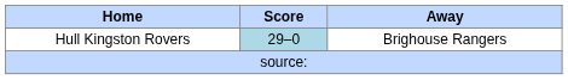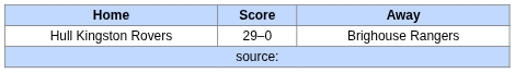 <table border=1 style="border-collapse:collapse; font-size:90%; text-align:center;" cellpadding=3 cellspacing=0 width=44%>
 <tr bgcolor=#C1D8FF>
 <th width=19%>Home</th>
 <th width=6%>Score</th>
 <th width=19%>Away</th>
 </tr>
 <tr>
 <td>Hull Kingston Rovers</td>
-<td style="background: lightblue;">29–0</td>
+<td>29–0</td>
 <td>Brighouse Rangers</td>
 </tr>
 <tr bgcolor=#C1D8FF>
 <td colspan=3>source:</td>
 </tr>
 </table>
